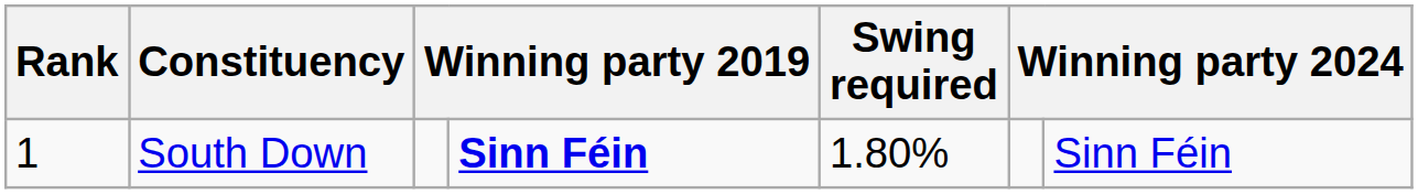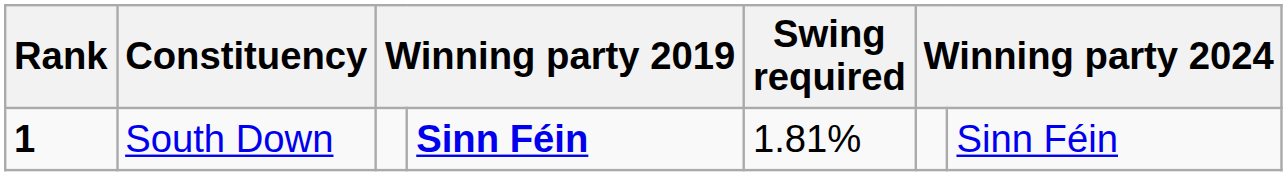 <table class="wikitable sortable">
 <tr>
 <th>Rank</th>
 <th>Constituency</th>
 <th colspan=2>Winning party 2019</th>
 <th>Swing <br>required</th>
 <th colspan=2>Winning party 2024</th>
 </tr>
 <tr>
-<td>1</td>
+<td><strong>1</strong></td>
 <td><a href='#'>South Down</a></td>
 <td class="unsortable" style="background-color: "></td>
 <td><strong><a href='#'>Sinn Féin</a></strong></td>
-<td>1.80%</td>
+<td>1.81%</td>
 <td class="unsortable" style="background-color: "></td>
 <td><a href='#'>Sinn Féin</a></td>
 </tr>
 </table>
